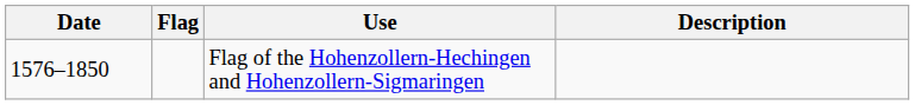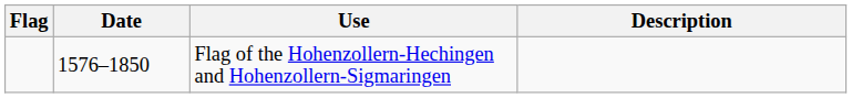 <table class="wikitable">
 <tr>
+<th>Flag</th>
 <th style="width:100px">Date</th>
-<th>Flag</th>
 <th style="width:250px">Use</th>
 <th style="width:250px">Description</th>
 </tr>
 <tr>
+<td></td>
 <td>1576–1850</td>
-<td></td>
 <td>Flag of the <a href='#'>Hohenzollern-Hechingen</a> and <a href='#'>Hohenzollern-Sigmaringen</a></td>
 <td></td>
 </tr>
 </table>
